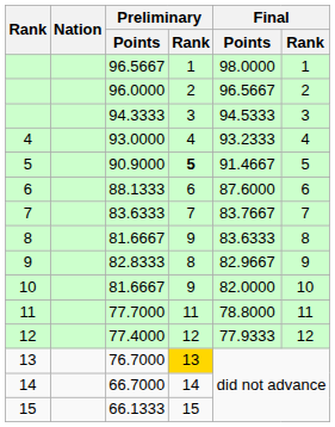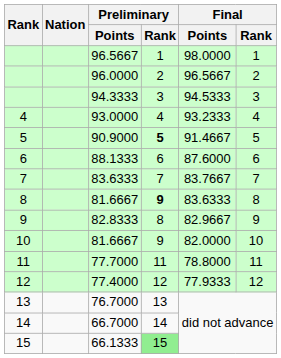 <table class="wikitable sortable" style="text-align:center">
 <tr>
 <th rowspan=2>Rank</th>
 <th rowspan=2>Nation</th>
 <th colspan=2>Preliminary</th>
 <th colspan=2>Final</th>
 </tr>
 <tr>
 <th>Points</th>
 <th>Rank</th>
 <th>Points</th>
 <th>Rank</th>
 </tr>
 <tr bgcolor=ccffcc>
 <td></td>
 <td align=left></td>
 <td>96.5667</td>
 <td>1</td>
 <td>98.0000</td>
 <td>1</td>
 </tr>
 <tr bgcolor=ccffcc>
 <td></td>
 <td align=left></td>
 <td>96.0000</td>
 <td>2</td>
 <td>96.5667</td>
 <td>2</td>
 </tr>
 <tr bgcolor=ccffcc>
 <td></td>
 <td align=left></td>
 <td>94.3333</td>
 <td>3</td>
 <td>94.5333</td>
 <td>3</td>
 </tr>
 <tr bgcolor=ccffcc>
 <td>4</td>
 <td align=left></td>
 <td>93.0000</td>
 <td>4</td>
 <td>93.2333</td>
 <td>4</td>
 </tr>
 <tr bgcolor=ccffcc>
 <td>5</td>
 <td align=left></td>
 <td>90.9000</td>
 <td><strong>5</strong></td>
 <td>91.4667</td>
 <td>5</td>
 </tr>
 <tr bgcolor=ccffcc>
 <td>6</td>
 <td align=left></td>
 <td>88.1333</td>
 <td>6</td>
 <td>87.6000</td>
 <td>6</td>
 </tr>
 <tr bgcolor=ccffcc>
 <td>7</td>
 <td align=left></td>
 <td>83.6333</td>
 <td>7</td>
 <td>83.7667</td>
 <td>7</td>
 </tr>
 <tr bgcolor=ccffcc>
 <td>8</td>
 <td align=left></td>
 <td>81.6667</td>
-<td>9</td>
+<td><strong>9</strong></td>
 <td>83.6333</td>
 <td>8</td>
 </tr>
 <tr bgcolor=ccffcc>
 <td>9</td>
 <td align=left></td>
 <td>82.8333</td>
 <td>8</td>
 <td>82.9667</td>
 <td>9</td>
 </tr>
 <tr bgcolor=ccffcc>
 <td>10</td>
 <td align=left></td>
 <td>81.6667</td>
 <td>9</td>
 <td>82.0000</td>
 <td>10</td>
 </tr>
 <tr bgcolor=ccffcc>
 <td>11</td>
 <td align=left></td>
 <td>77.7000</td>
 <td>11</td>
 <td>78.8000</td>
 <td>11</td>
 </tr>
 <tr bgcolor=ccffcc>
 <td>12</td>
 <td align=left></td>
 <td>77.4000</td>
 <td>12</td>
 <td>77.9333</td>
 <td>12</td>
 </tr>
 <tr>
 <td>13</td>
 <td align=left></td>
 <td>76.7000</td>
-<td style="background: gold;">13</td>
+<td>13</td>
 <td colspan=2 rowspan=3>did not advance</td>
 </tr>
 <tr>
 <td>14</td>
 <td align=left></td>
 <td>66.7000</td>
 <td>14</td>
 </tr>
 <tr>
 <td>15</td>
 <td align=left></td>
 <td>66.1333</td>
-<td>15</td>
+<td style="background: lightgreen;">15</td>
 </tr>
 </table>
